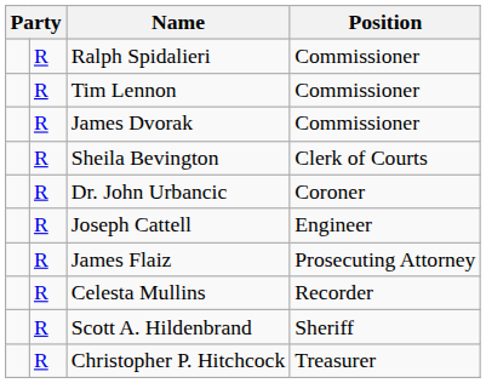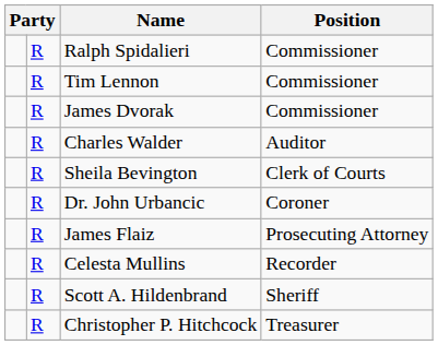 <table class=wikitable>
 <tr>
 <th colspan="2" style="text-align:center; vertical-align:bottom;">Party</th>
 <th style="text-align:center;">Name</th>
 <th valign=bottom>Position</th>
 </tr>
 <tr>
 <td style="background-color:"> </td>
 <td><a href='#'>R</a></td>
 <td>Ralph Spidalieri</td>
 <td>Commissioner</td>
 </tr>
 <tr>
 <td style="background-color:"> </td>
 <td><a href='#'>R</a></td>
 <td>Tim Lennon</td>
 <td>Commissioner</td>
 </tr>
 <tr>
 <td style="background-color:"> </td>
 <td><a href='#'>R</a></td>
 <td>James Dvorak</td>
 <td>Commissioner</td>
 </tr>
 <tr>
 <td style="background-color:"> </td>
 <td><a href='#'>R</a></td>
+<td>Charles Walder</td>
+<td>Auditor</td>
+</tr>
+<tr>
+<td style="background-color:"> </td>
+<td><a href='#'>R</a></td>
 <td>Sheila Bevington</td>
 <td>Clerk of Courts</td>
 </tr>
 <tr>
 <td style="background-color:"> </td>
 <td><a href='#'>R</a></td>
 <td>Dr. John Urbancic</td>
 <td>Coroner</td>
-</tr>
-<tr>
-<td style="background-color:"> </td>
-<td><a href='#'>R</a></td>
-<td>Joseph Cattell</td>
-<td>Engineer</td>
 </tr>
 <tr>
 <td style="background-color:"> </td>
 <td><a href='#'>R</a></td>
 <td>James Flaiz</td>
 <td>Prosecuting Attorney</td>
 </tr>
 <tr>
 <td style="background-color:"> </td>
 <td><a href='#'>R</a></td>
 <td>Celesta Mullins</td>
 <td>Recorder</td>
 </tr>
 <tr>
 <td style="background-color:"> </td>
 <td><a href='#'>R</a></td>
 <td>Scott A. Hildenbrand</td>
 <td>Sheriff</td>
 </tr>
 <tr>
 <td style="background-color:"> </td>
 <td><a href='#'>R</a></td>
 <td>Christopher P. Hitchcock</td>
 <td>Treasurer</td>
 </tr>
 </table>
